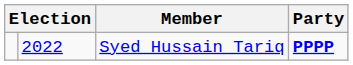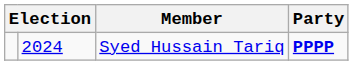 <table class="wikitable">
 <tr>
 <th colspan="2">Election</th>
 <th>Member</th>
 <th>Party</th>
 </tr>
 <tr>
 <td style="background-color: "></td>
-<td><a href='#'>2022</a></td>
+<td><a href='#'>2024</a></td>
 <td><a href='#'>Syed Hussain Tariq</a></td>
 <td><strong><a href='#'>PPPP</a></strong></td>
 </tr>
 </table>
